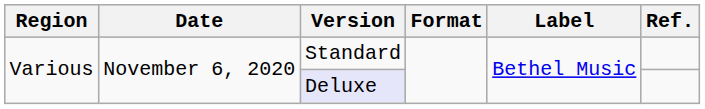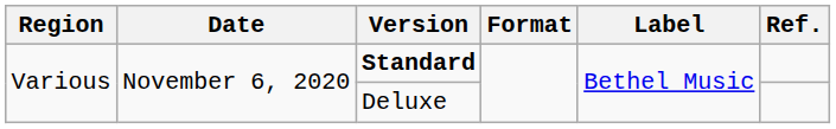 <table class="wikitable plainrowheaders">
 <tr>
 <th scope="col">Region</th>
 <th scope="col">Date</th>
 <th scope="col">Version</th>
 <th scope="col">Format</th>
 <th scope="col">Label</th>
 <th scope="col">Ref.</th>
 </tr>
 <tr>
 <td rowspan="2">Various</td>
 <td rowspan="2">November 6, 2020</td>
-<td>Standard</td>
+<td><strong>Standard</strong></td>
 <td rowspan="2"></td>
 <td rowspan="2"><a href='#'>Bethel Music</a></td>
 <td></td>
 </tr>
 <tr>
-<td style="background: lavender;">Deluxe</td>
+<td>Deluxe</td>
 <td></td>
 </tr>
 </table>
